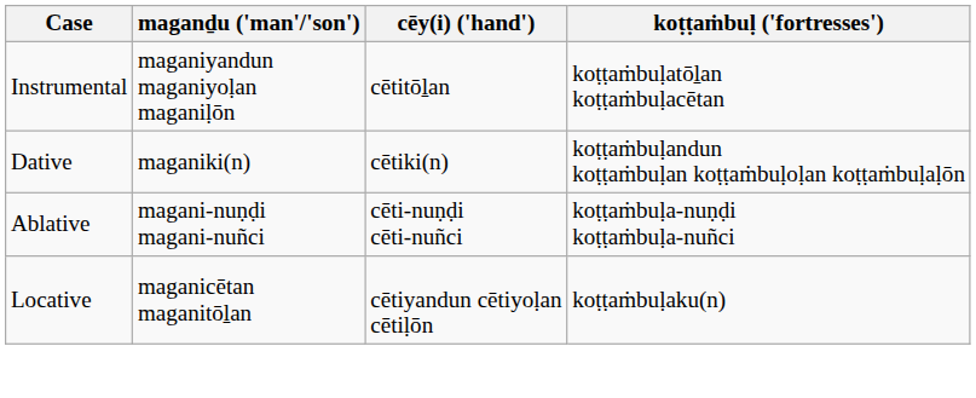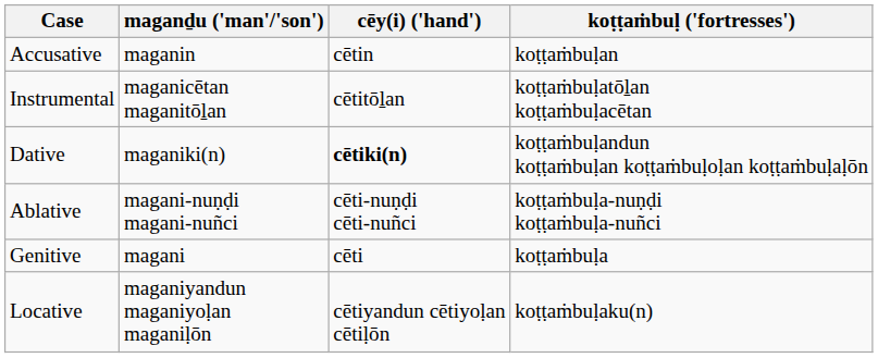 <table class="wikitable">
 <tr>
 <th>Case</th>
 <th>maganḏu ('man'/'son')</th>
 <th>cēy(i) ('hand')</th>
 <th>koṭṭaṁbuḷ ('fortresses')</th>
 </tr>
 <tr>
+<td>Accusative</td>
+<td>maganin</td>
+<td>cētin</td>
+<td>koṭṭaṁbuḷan</td>
+</tr>
+<tr>
 <td>Instrumental</td>
-<td>maganiyandun<br>maganiyoḷan<br>maganiḷōn</td>
+<td>maganicētan<br>maganitōḻan</td>
 <td>cētitōḻan</td>
 <td>koṭṭaṁbuḷatōḻan<br>koṭṭaṁbuḷacētan</td>
 </tr>
 <tr>
 <td>Dative</td>
 <td>maganiki(n)</td>
-<td>cētiki(n)</td>
+<td><strong>cētiki(n)</strong></td>
 <td>koṭṭaṁbuḷandun<br>koṭṭaṁbuḷan koṭṭaṁbuḷoḷan koṭṭaṁbuḷaḷōn</td>
 </tr>
 <tr>
 <td>Ablative</td>
 <td>magani-nuṇḍi<br>magani-nuñci</td>
 <td>cēti-nuṇḍi<br>cēti-nuñci</td>
 <td>koṭṭaṁbuḷa-nuṇḍi<br>koṭṭaṁbuḷa-nuñci</td>
 </tr>
 <tr>
+<td>Genitive</td>
+<td>magani</td>
+<td>cēti</td>
+<td>koṭṭaṁbuḷa</td>
+</tr>
+<tr>
 <td>Locative</td>
-<td>maganicētan<br>maganitōḻan</td>
+<td>maganiyandun<br>maganiyoḷan<br>maganiḷōn</td>
 <td><br>cētiyandun cētiyoḷan<br>cētiḷōn</td>
 <td>koṭṭaṁbuḷaku(n)</td>
 </tr>
 </table>
